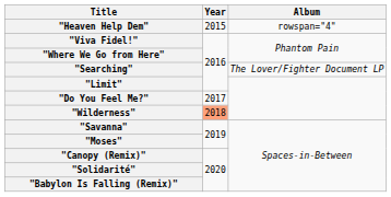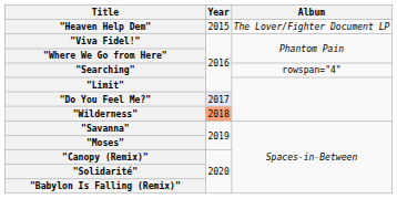 <table class="wikitable plainrowheaders" style="text-align:center;">
 <tr>
 <th scope="col" style="width:22em;">Title</th>
 <th scope="col" style="width:1em;">Year</th>
 <th scope="col">Album</th>
 </tr>
 <tr>
 <th scope="row">"Heaven Help Dem"<br></th>
 <td>2015</td>
-<td>rowspan="4" </td>
+<td><em>The Lover/Fighter Document LP</em></td>
 </tr>
 <tr>
 <th scope="row">"Viva Fidel!"</th>
 <td rowspan="4">2016</td>
 <td rowspan="2"><em>Phantom Pain</em></td>
 </tr>
 <tr>
 <th scope="row">"Where We Go from Here"</th>
 </tr>
 <tr>
 <th scope="row">"Searching"</th>
-<td><em>The Lover/Fighter Document LP</em></td>
+<td>rowspan="4" </td>
 </tr>
 <tr>
 <th scope="row">"Limit"<br></th>
 </tr>
 <tr>
 <th scope="row">"Do You Feel Me?"<br></th>
-<td>2017</td>
+<td style="background: lavender;">2017</td>
 </tr>
 <tr>
 <th scope="row">"Wilderness"</th>
 <td style="background: lightsalmon;">2018</td>
 </tr>
 <tr>
 <th scope="row">"Savanna"</th>
 <td rowspan="2">2019</td>
 <td rowspan="5"><em>Spaces-in-Between</em></td>
 </tr>
 <tr>
 <th scope="row">"Moses"</th>
 </tr>
 <tr>
 <th scope="row">"Canopy (Remix)"<br></th>
 <td rowspan="3">2020</td>
 </tr>
 <tr>
 <th scope="row">"Solidarité"</th>
 </tr>
 <tr>
 <th scope="row">"Babylon Is Falling (Remix)"<br></th>
 </tr>
 </table>
